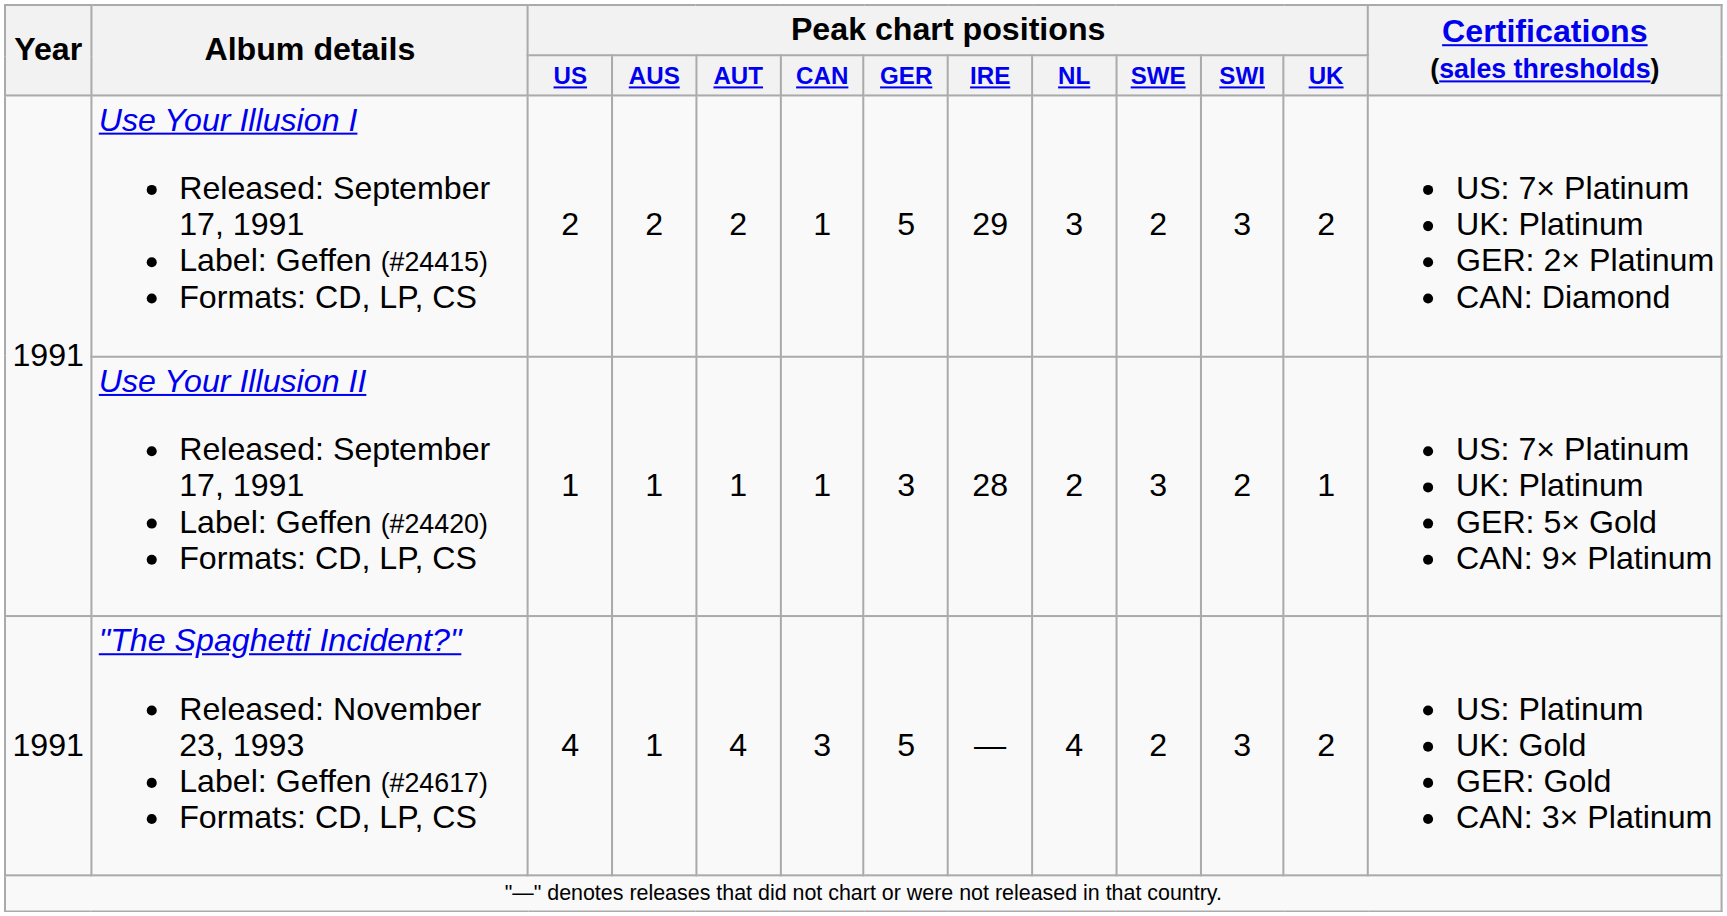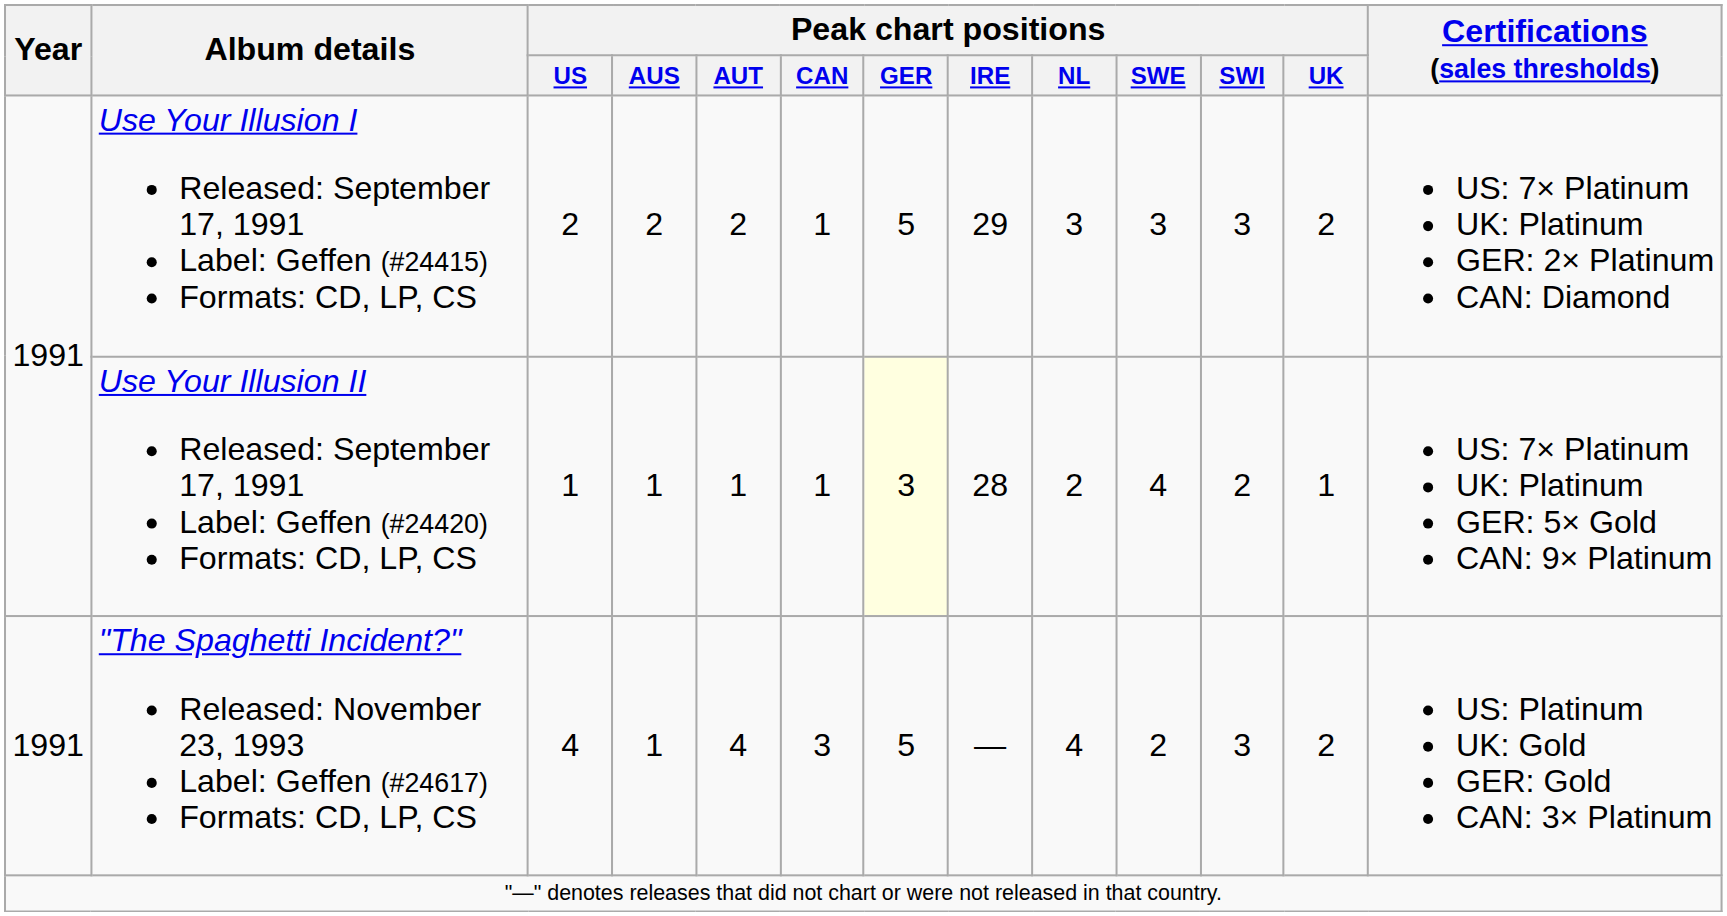 <table class="wikitable" style="text-align:center;">
 <tr>
 <th rowspan="2">Year</th>
 <th rowspan="2" width="210">Album details</th>
 <th colspan="10">Peak chart positions</th>
 <th rowspan="2"><a href='#'>Certifications</a><br><small>(<a href='#'>sales thresholds</a>)</small></th>
 </tr>
 <tr>
 <th style="width:3em;font-size:75%"><a href='#'>US</a><br></th>
 <th style="width:3em;font-size:75%"><a href='#'>AUS</a><br></th>
 <th style="width:3em;font-size:75%"><a href='#'>AUT</a><br></th>
 <th style="width:3em;font-size:75%"><a href='#'>CAN</a><br></th>
 <th style="width:3em;font-size:75%"><a href='#'>GER</a><br></th>
 <th style="width:3em;font-size:75%"><a href='#'>IRE</a><br></th>
 <th style="width:3em;font-size:75%"><a href='#'>NL</a><br></th>
 <th style="width:3em;font-size:75%"><a href='#'>SWE</a><br></th>
 <th style="width:3em;font-size:75%"><a href='#'>SWI</a><br></th>
 <th style="width:3em;font-size:75%"><a href='#'>UK</a><br></th>
 </tr>
 <tr>
 <td rowspan="2">1991</td>
 <td align="left"><em><a href='#'>Use Your Illusion I</a></em><br><ul><li>Released: September 17, 1991</li><li>Label: Geffen <small>(#24415)</small></li><li>Formats: CD, LP, CS</li></ul></td>
 <td>2</td>
 <td>2</td>
 <td>2</td>
 <td>1</td>
 <td>5</td>
 <td>29</td>
 <td>3</td>
-<td>2</td>
+<td>3</td>
 <td>3</td>
 <td>2</td>
 <td align="left"><br><ul><li>US: 7× Platinum</li><li>UK: Platinum</li><li>GER: 2× Platinum</li><li>CAN: Diamond</li></ul></td>
 </tr>
 <tr>
 <td align="left"><em><a href='#'>Use Your Illusion II</a></em><br><ul><li>Released: September 17, 1991</li><li>Label: Geffen <small>(#24420)</small></li><li>Formats: CD, LP, CS</li></ul></td>
 <td>1</td>
 <td>1</td>
 <td>1</td>
 <td>1</td>
-<td>3</td>
+<td style="background: lightyellow;">3</td>
 <td>28</td>
 <td>2</td>
-<td>3</td>
+<td>4</td>
 <td>2</td>
 <td>1</td>
 <td align="left"><br><ul><li>US: 7× Platinum</li><li>UK: Platinum</li><li>GER: 5× Gold</li><li>CAN: 9× Platinum</li></ul></td>
 </tr>
 <tr>
 <td>1991</td>
 <td align="left"><em><a href='#'>"The Spaghetti Incident?"</a></em><br><ul><li>Released: November 23, 1993</li><li>Label: Geffen <small>(#24617)</small></li><li>Formats: CD, LP, CS</li></ul></td>
 <td>4</td>
 <td>1</td>
 <td>4</td>
 <td>3</td>
 <td>5</td>
 <td>—</td>
 <td>4</td>
 <td>2</td>
 <td>3</td>
 <td>2</td>
 <td align="left"><br><ul><li>US: Platinum</li><li>UK: Gold</li><li>GER: Gold</li><li>CAN: 3× Platinum</li></ul></td>
 </tr>
 <tr>
 <td colspan="13" align="center" style="font-size: 8pt">"—" denotes releases that did not chart or were not released in that country.</td>
 </tr>
 </table>
